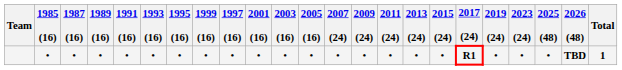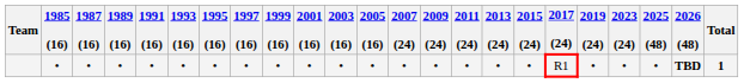 <table class="wikitable"  style="text-align:center;">
 <tr style="background:#cccccc;" align=center>
 <th>Team</th>
 <th><a href='#'>1985</a><br><br>(16)</th>
 <th><a href='#'>1987</a><br><br>(16)</th>
 <th><a href='#'>1989</a><br><br>(16)</th>
 <th><a href='#'>1991</a><br><br>(16)</th>
 <th><a href='#'>1993</a><br><br>(16)</th>
 <th><a href='#'>1995</a><br><br>(16)</th>
+<th><a href='#'>1997</a><br><br>(16)</th>
 <th><a href='#'>1999</a><br><br>(16)</th>
-<th><a href='#'>1997</a><br><br>(16)</th>
 <th><a href='#'>2001</a><br><br>(16)</th>
 <th><a href='#'>2003</a><br><br>(16)</th>
 <th><a href='#'>2005</a><br><br>(16)</th>
 <th><a href='#'>2007</a><br><br>(24)</th>
 <th><a href='#'>2009</a><br><br>(24)</th>
 <th><a href='#'>2011</a><br><br>(24)</th>
 <th><a href='#'>2013</a><br><br>(24)</th>
 <th><a href='#'>2015</a><br><br>(24)</th>
 <th><a href='#'>2017</a><br><br>(24)</th>
 <th><a href='#'>2019</a><br><br>(24)</th>
 <th><a href='#'>2023</a><br><br>(24)</th>
 <th><a href='#'>2025</a><br><br>(48)</th>
 <th><a href='#'>2026</a><br><br>(48)</th>
 <th>Total</th>
 </tr>
 <tr style="background:#f4f4f4;" align=center>
 <td align=left></td>
 <td>•</td>
 <td>•</td>
 <td>•</td>
 <td>•</td>
 <td>•</td>
 <td>•</td>
 <td>•</td>
 <td>•</td>
 <td>•</td>
 <td>•</td>
 <td>•</td>
 <td>•</td>
 <td>•</td>
 <td>•</td>
 <td>•</td>
 <td>•</td>
-<td style="border: 3px solid red"><strong>R1</strong></td>
+<td style="border: 3px solid red">R1</td>
 <td>•</td>
 <td>•</td>
 <td>•</td>
 <td><strong>TBD</strong></td>
 <td><strong>1</strong></td>
 </tr>
 </table>
